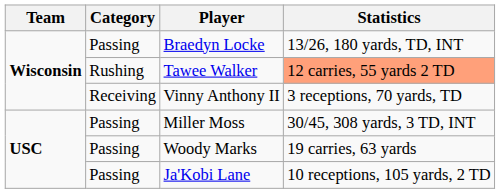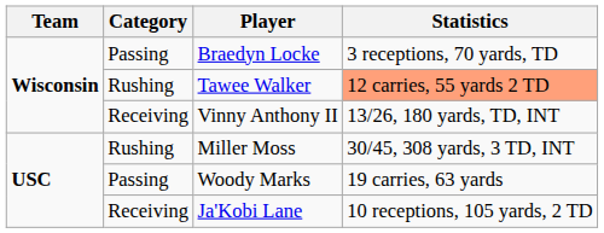 <table class="wikitable" style="float: right;">
 <tr>
 <th>Team</th>
 <th>Category</th>
 <th>Player</th>
 <th>Statistics</th>
 </tr>
 <tr>
 <td rowspan=3><strong>Wisconsin</strong></td>
 <td>Passing</td>
 <td><a href='#'>Braedyn Locke</a></td>
-<td>13/26, 180 yards, TD, INT</td>
+<td>3 receptions, 70 yards, TD</td>
 </tr>
 <tr>
 <td>Rushing</td>
 <td><a href='#'>Tawee Walker</a></td>
 <td style="background: lightsalmon;">12 carries, 55 yards 2 TD</td>
 </tr>
 <tr>
 <td>Receiving</td>
 <td>Vinny Anthony II</td>
-<td>3 receptions, 70 yards, TD</td>
+<td>13/26, 180 yards, TD, INT</td>
 </tr>
 <tr>
 <td rowspan=3><strong>USC</strong></td>
-<td>Passing</td>
+<td>Rushing</td>
 <td>Miller Moss</td>
 <td>30/45, 308 yards, 3 TD, INT</td>
 </tr>
 <tr>
 <td>Passing</td>
 <td>Woody Marks</td>
 <td>19 carries, 63 yards</td>
 </tr>
 <tr>
-<td>Passing</td>
+<td>Receiving</td>
 <td><a href='#'>Ja'Kobi Lane</a></td>
 <td>10 receptions, 105 yards, 2 TD</td>
 </tr>
 </table>
